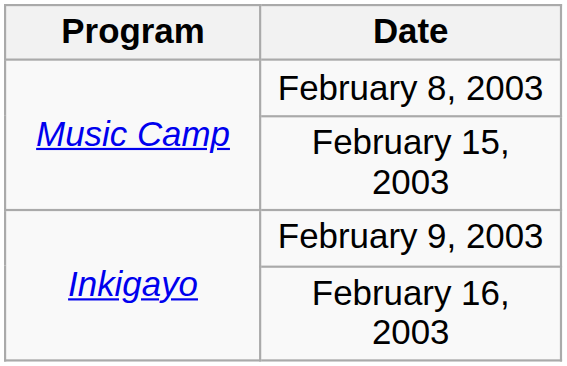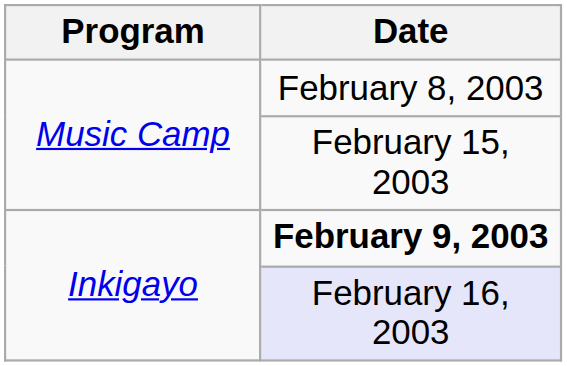 <table class="wikitable sortable plainrowheaders" style="text-align:center">
 <tr>
 <th width="110">Program</th>
 <th width="130">Date</th>
 </tr>
 <tr>
 <td rowspan="2"><em><a href='#'>Music Camp</a></em></td>
 <td>February 8, 2003</td>
 </tr>
 <tr>
 <td>February 15, 2003</td>
 </tr>
 <tr>
 <td rowspan="2"><em><a href='#'>Inkigayo</a></em></td>
-<td>February 9, 2003</td>
+<td><strong>February 9, 2003</strong></td>
 </tr>
 <tr>
-<td>February 16, 2003</td>
+<td style="background: lavender;">February 16, 2003</td>
 </tr>
 </table>
